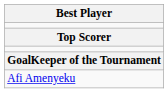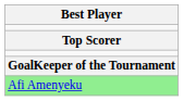 <table class="wikitable" style="margin:auto">
 <tr>
 <th>Best Player</th>
 </tr>
 <tr>
 <td></td>
 </tr>
 <tr>
 <th>Top Scorer</th>
 </tr>
 <tr>
 <td></td>
 </tr>
 <tr>
 <th>GoalKeeper of the Tournament</th>
 </tr>
 <tr>
-<td> <a href='#'>Afi Amenyeku</a></td>
+<td style="background: lightgreen;"> <a href='#'>Afi Amenyeku</a></td>
 </tr>
 </table>
